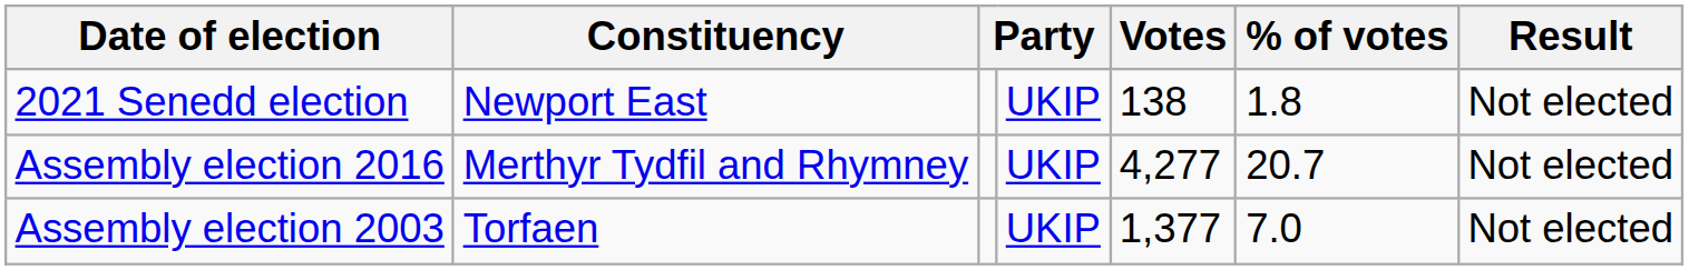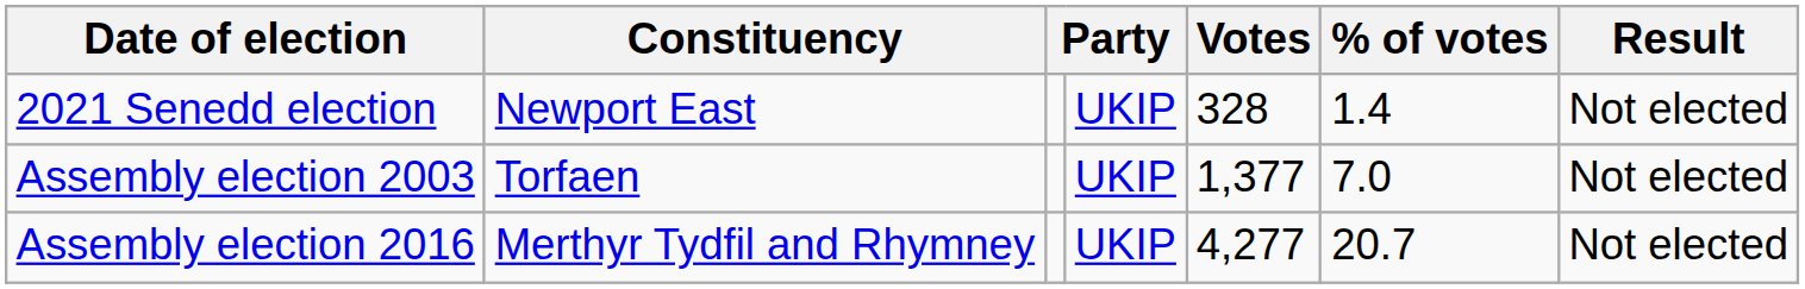 <table class="wikitable">
 <tr>
 <th>Date of election</th>
 <th>Constituency</th>
 <th colspan = 2>Party</th>
 <th>Votes</th>
 <th>% of votes</th>
 <th>Result</th>
 </tr>
 <tr>
 <td><a href='#'>2021 Senedd election</a></td>
 <td><a href='#'>Newport East</a></td>
 <td style="background-color: "></td>
 <td><a href='#'>UKIP</a></td>
-<td>138</td>
-<td>1.8</td>
+<td>328</td>
+<td>1.4</td>
+<td>Not elected</td>
+</tr>
+<tr>
+<td><a href='#'>Assembly election 2003</a></td>
+<td><a href='#'>Torfaen</a></td>
+<td style="background-color: "></td>
+<td><a href='#'>UKIP</a></td>
+<td>1,377</td>
+<td>7.0</td>
 <td>Not elected</td>
 </tr>
 <tr>
 <td><a href='#'>Assembly election 2016</a></td>
 <td><a href='#'>Merthyr Tydfil and Rhymney</a></td>
 <td style="background-color: "></td>
 <td><a href='#'>UKIP</a></td>
 <td>4,277</td>
 <td>20.7</td>
 <td>Not elected</td>
 </tr>
-<tr>
-<td><a href='#'>Assembly election 2003</a></td>
-<td><a href='#'>Torfaen</a></td>
-<td style="background-color: "></td>
-<td><a href='#'>UKIP</a></td>
-<td>1,377</td>
-<td>7.0</td>
-<td>Not elected</td>
-</tr>
 </table>
